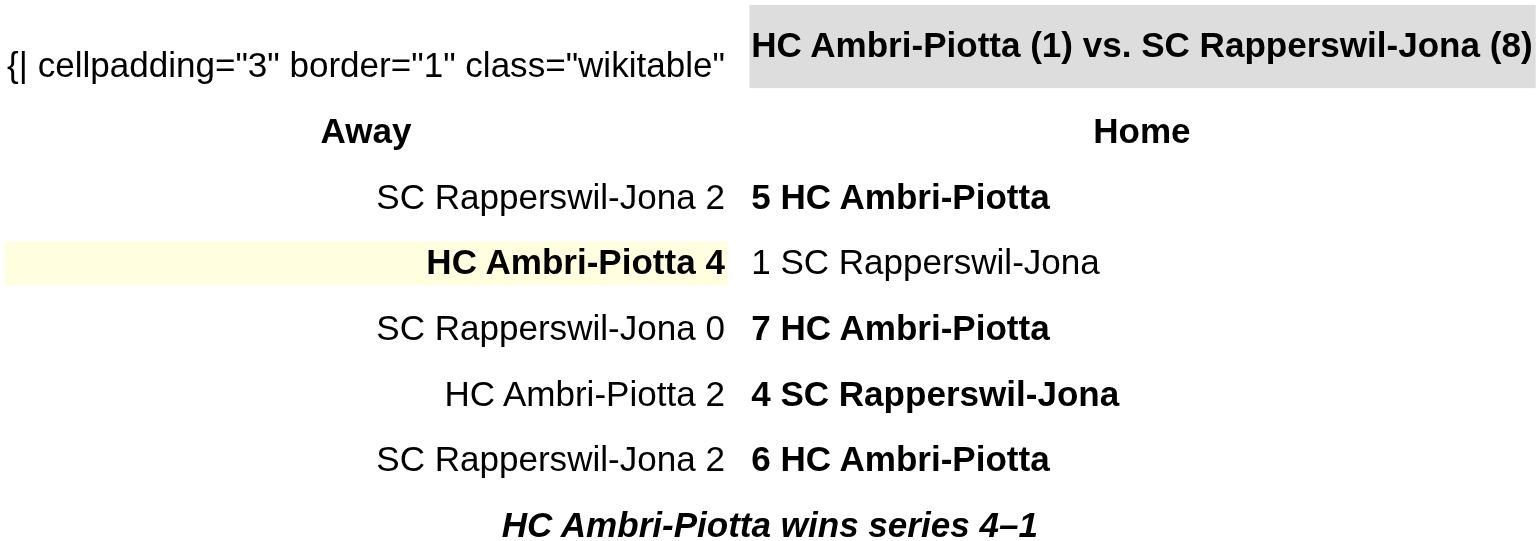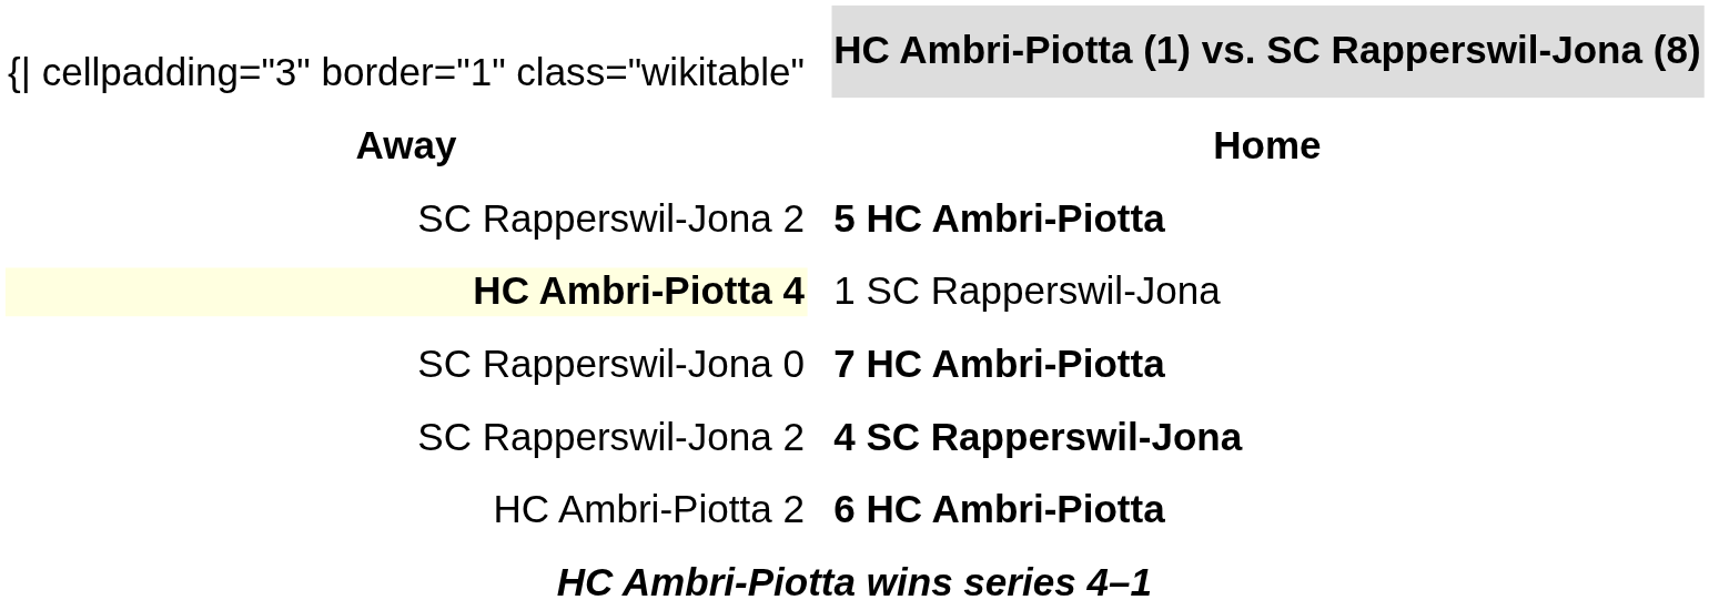 <table cellspacing="10">
 <tr>
 <td valign="top"><br>	{| cellpadding="3" border="1"  class="wikitable"</td>
 <th bgcolor="#DDDDDD" colspan="4">HC Ambri-Piotta (1) vs. SC Rapperswil-Jona (8)</th>
 </tr>
 <tr>
 <th>Away</th>
 <th>Home</th>
 </tr>
 <tr>
 <td align = "right">SC Rapperswil-Jona 2</td>
 <td><strong>5 HC Ambri-Piotta</strong></td>
 </tr>
 <tr>
 <td align = "right" style="background: lightyellow;"><strong>HC Ambri-Piotta 4</strong></td>
 <td>1 SC Rapperswil-Jona</td>
 </tr>
 <tr>
 <td align = "right">SC Rapperswil-Jona 0</td>
 <td><strong>7 HC Ambri-Piotta</strong></td>
 </tr>
 <tr>
-<td align = "right">HC Ambri-Piotta 2</td>
+<td align = "right">SC Rapperswil-Jona 2</td>
 <td><strong>4 SC Rapperswil-Jona</strong></td>
 </tr>
 <tr>
-<td align = "right">SC Rapperswil-Jona 2</td>
+<td align = "right">HC Ambri-Piotta 2</td>
 <td><strong>6 HC Ambri-Piotta</strong></td>
 </tr>
 <tr align="center">
 <td colspan="4"><strong><em>HC Ambri-Piotta wins series 4–1</em></strong></td>
 </tr>
 </table>
